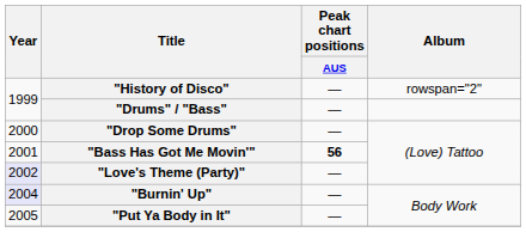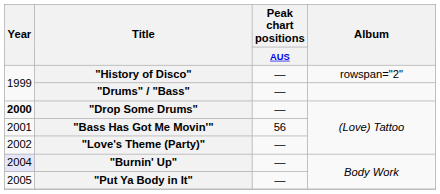 <table class="wikitable plainrowheaders" style="text-align:center;" border="1">
 <tr>
 <th scope="col" rowspan="2" style="width:1em;">Year</th>
 <th scope="col" rowspan="2" style="width:19em;">Title</th>
 <th scope="col" colspan="1">Peak chart positions</th>
 <th scope="col" rowspan="2" style="width:11em;">Album</th>
 </tr>
 <tr>
 <th width="30px"><small><a href='#'>AUS</a><br></small></th>
 </tr>
 <tr>
 <td rowspan="2">1999</td>
 <th scope="row">"History of Disco"</th>
 <td>—</td>
 <td>rowspan="2" </td>
 </tr>
 <tr>
 <th scope="row">"Drums" / "Bass"</th>
 <td>—</td>
 </tr>
 <tr>
-<td>2000</td>
+<td><strong>2000</strong></td>
 <th scope="row">"Drop Some Drums"</th>
 <td>—</td>
 <td rowspan="3"><em>(Love) Tattoo</em></td>
 </tr>
 <tr>
 <td>2001</td>
 <th scope="row">"Bass Has Got Me Movin'"</th>
-<td><strong>56</strong></td>
+<td>56</td>
 </tr>
 <tr>
-<td style="background: lavender;">2002</td>
+<td>2002</td>
 <th scope="row">"Love's Theme (Party)"</th>
 <td>—</td>
 </tr>
 <tr>
 <td style="background: lavender;">2004</td>
 <th scope="row">"Burnin' Up"</th>
 <td>—</td>
 <td rowspan="2"><em>Body Work</em></td>
 </tr>
 <tr>
 <td>2005</td>
 <th scope="row">"Put Ya Body in It"</th>
 <td>—</td>
 </tr>
 <tr>
 </tr>
 </table>
